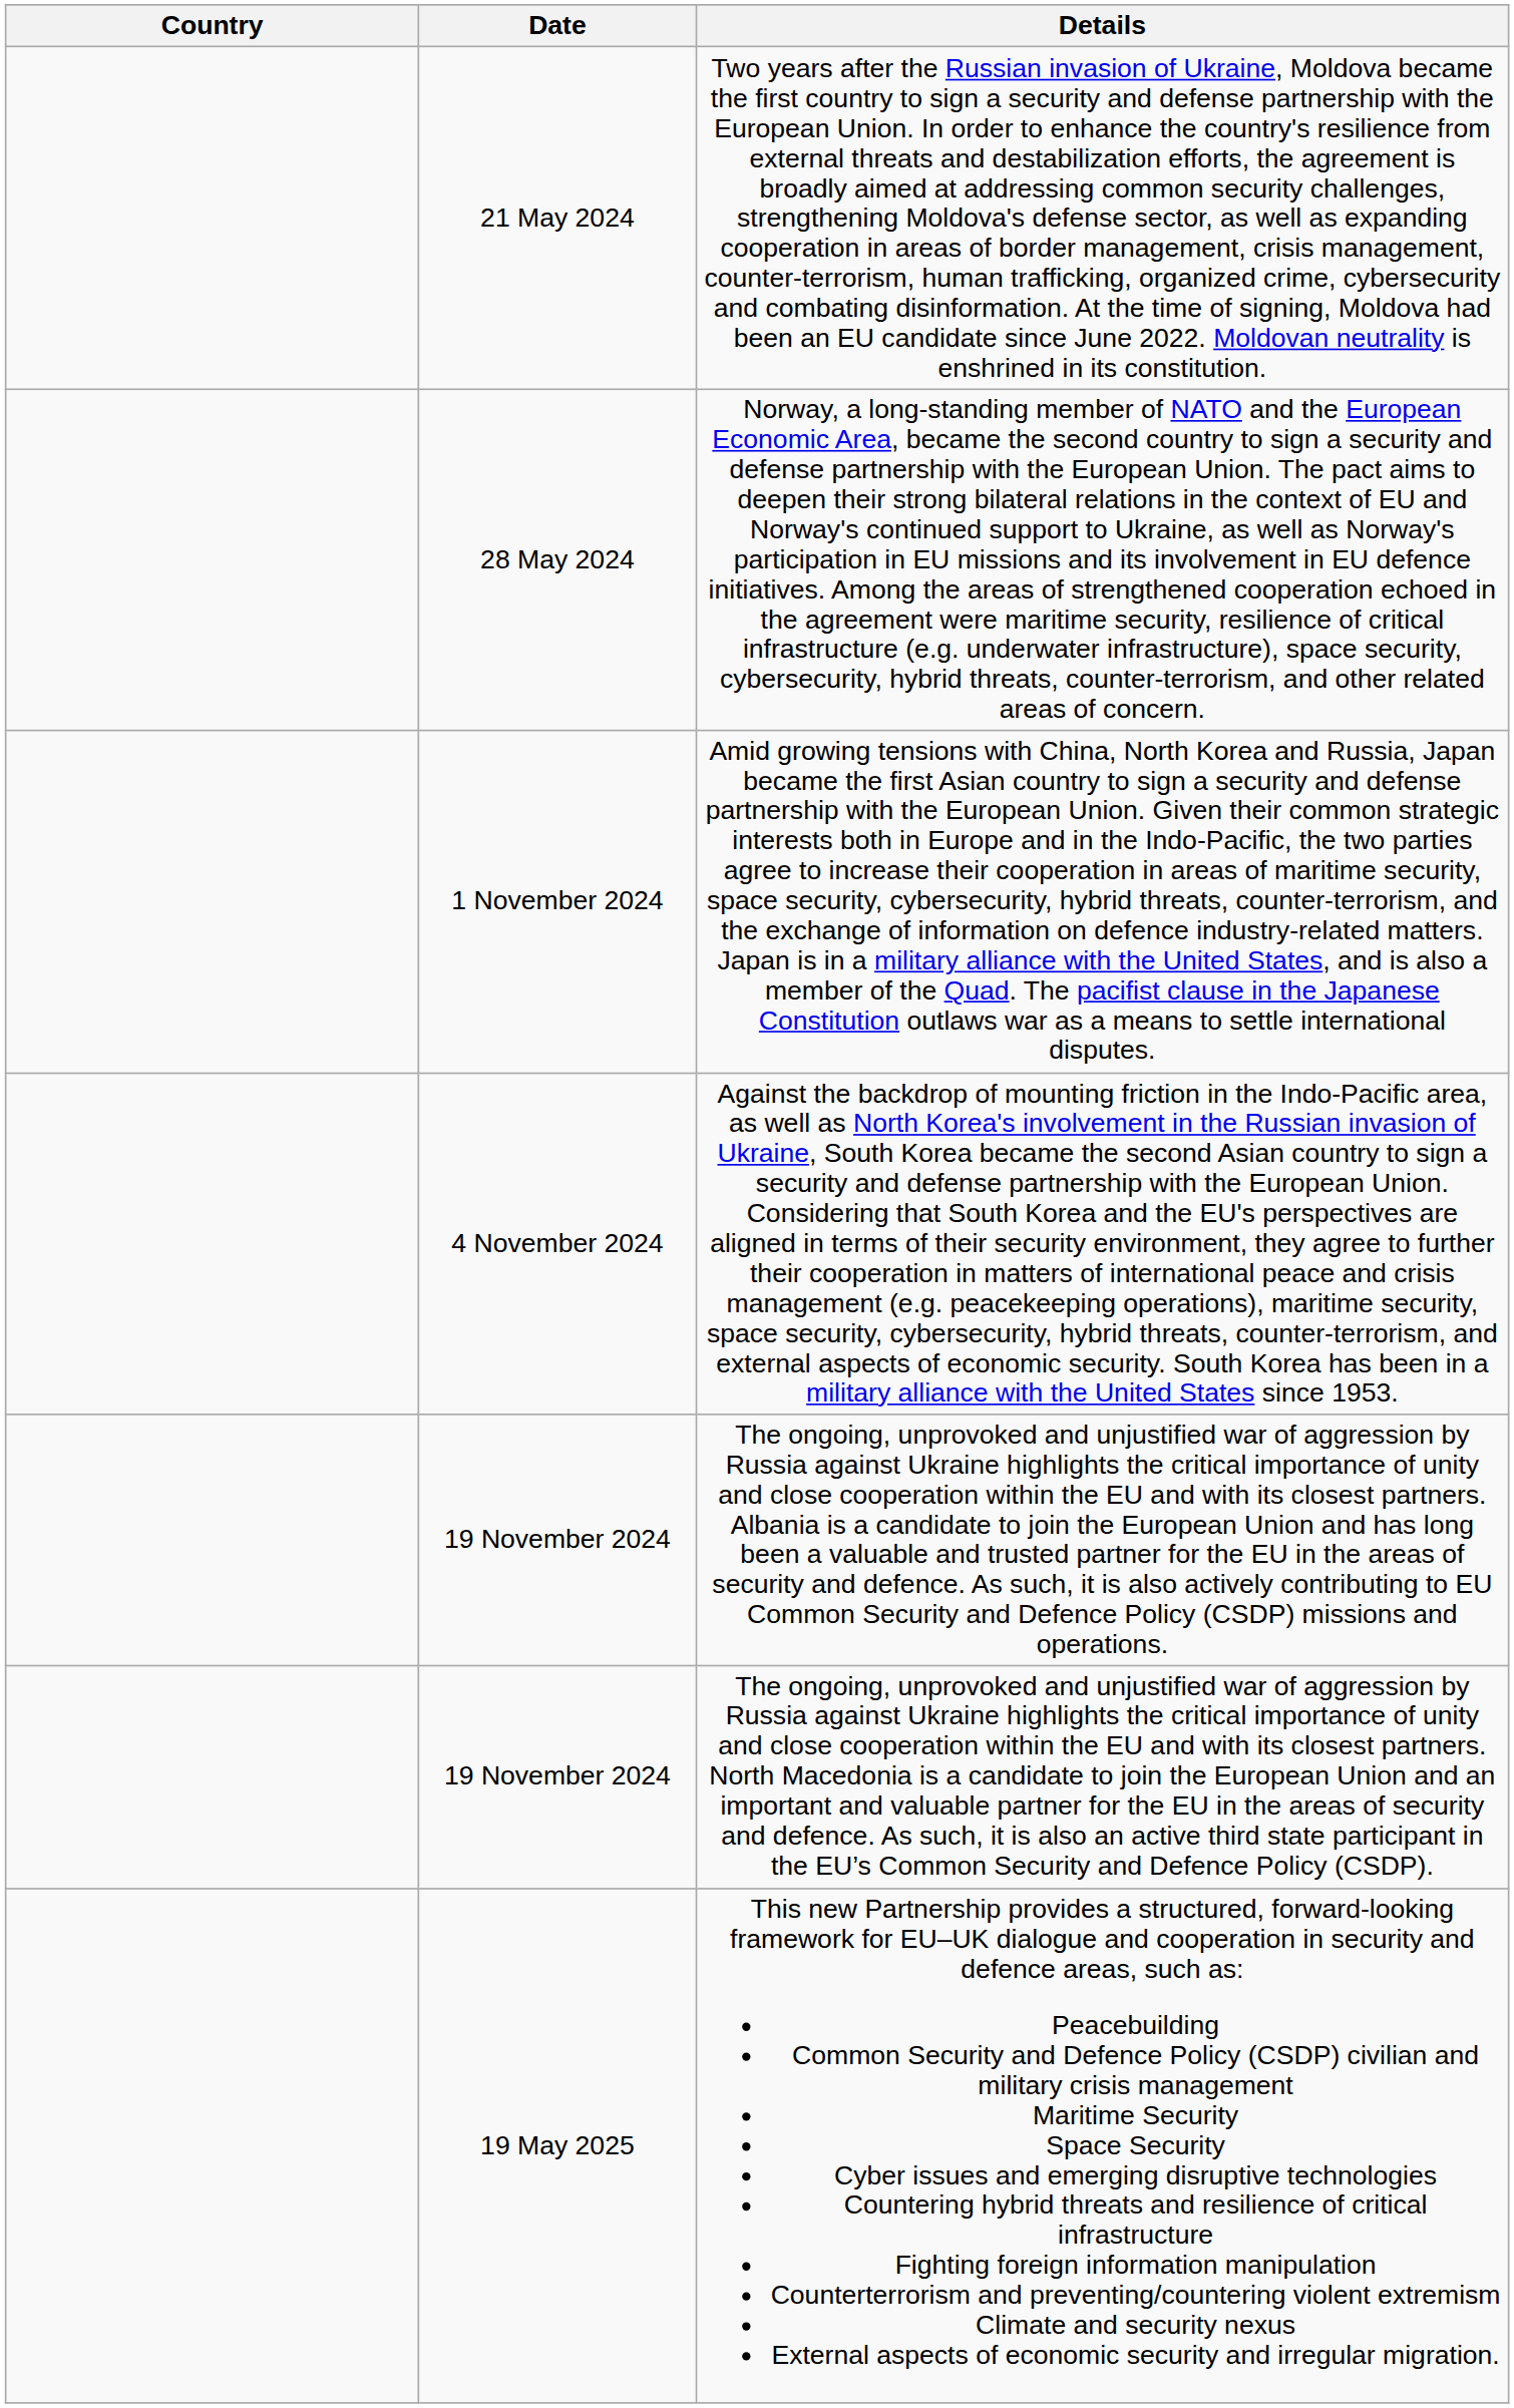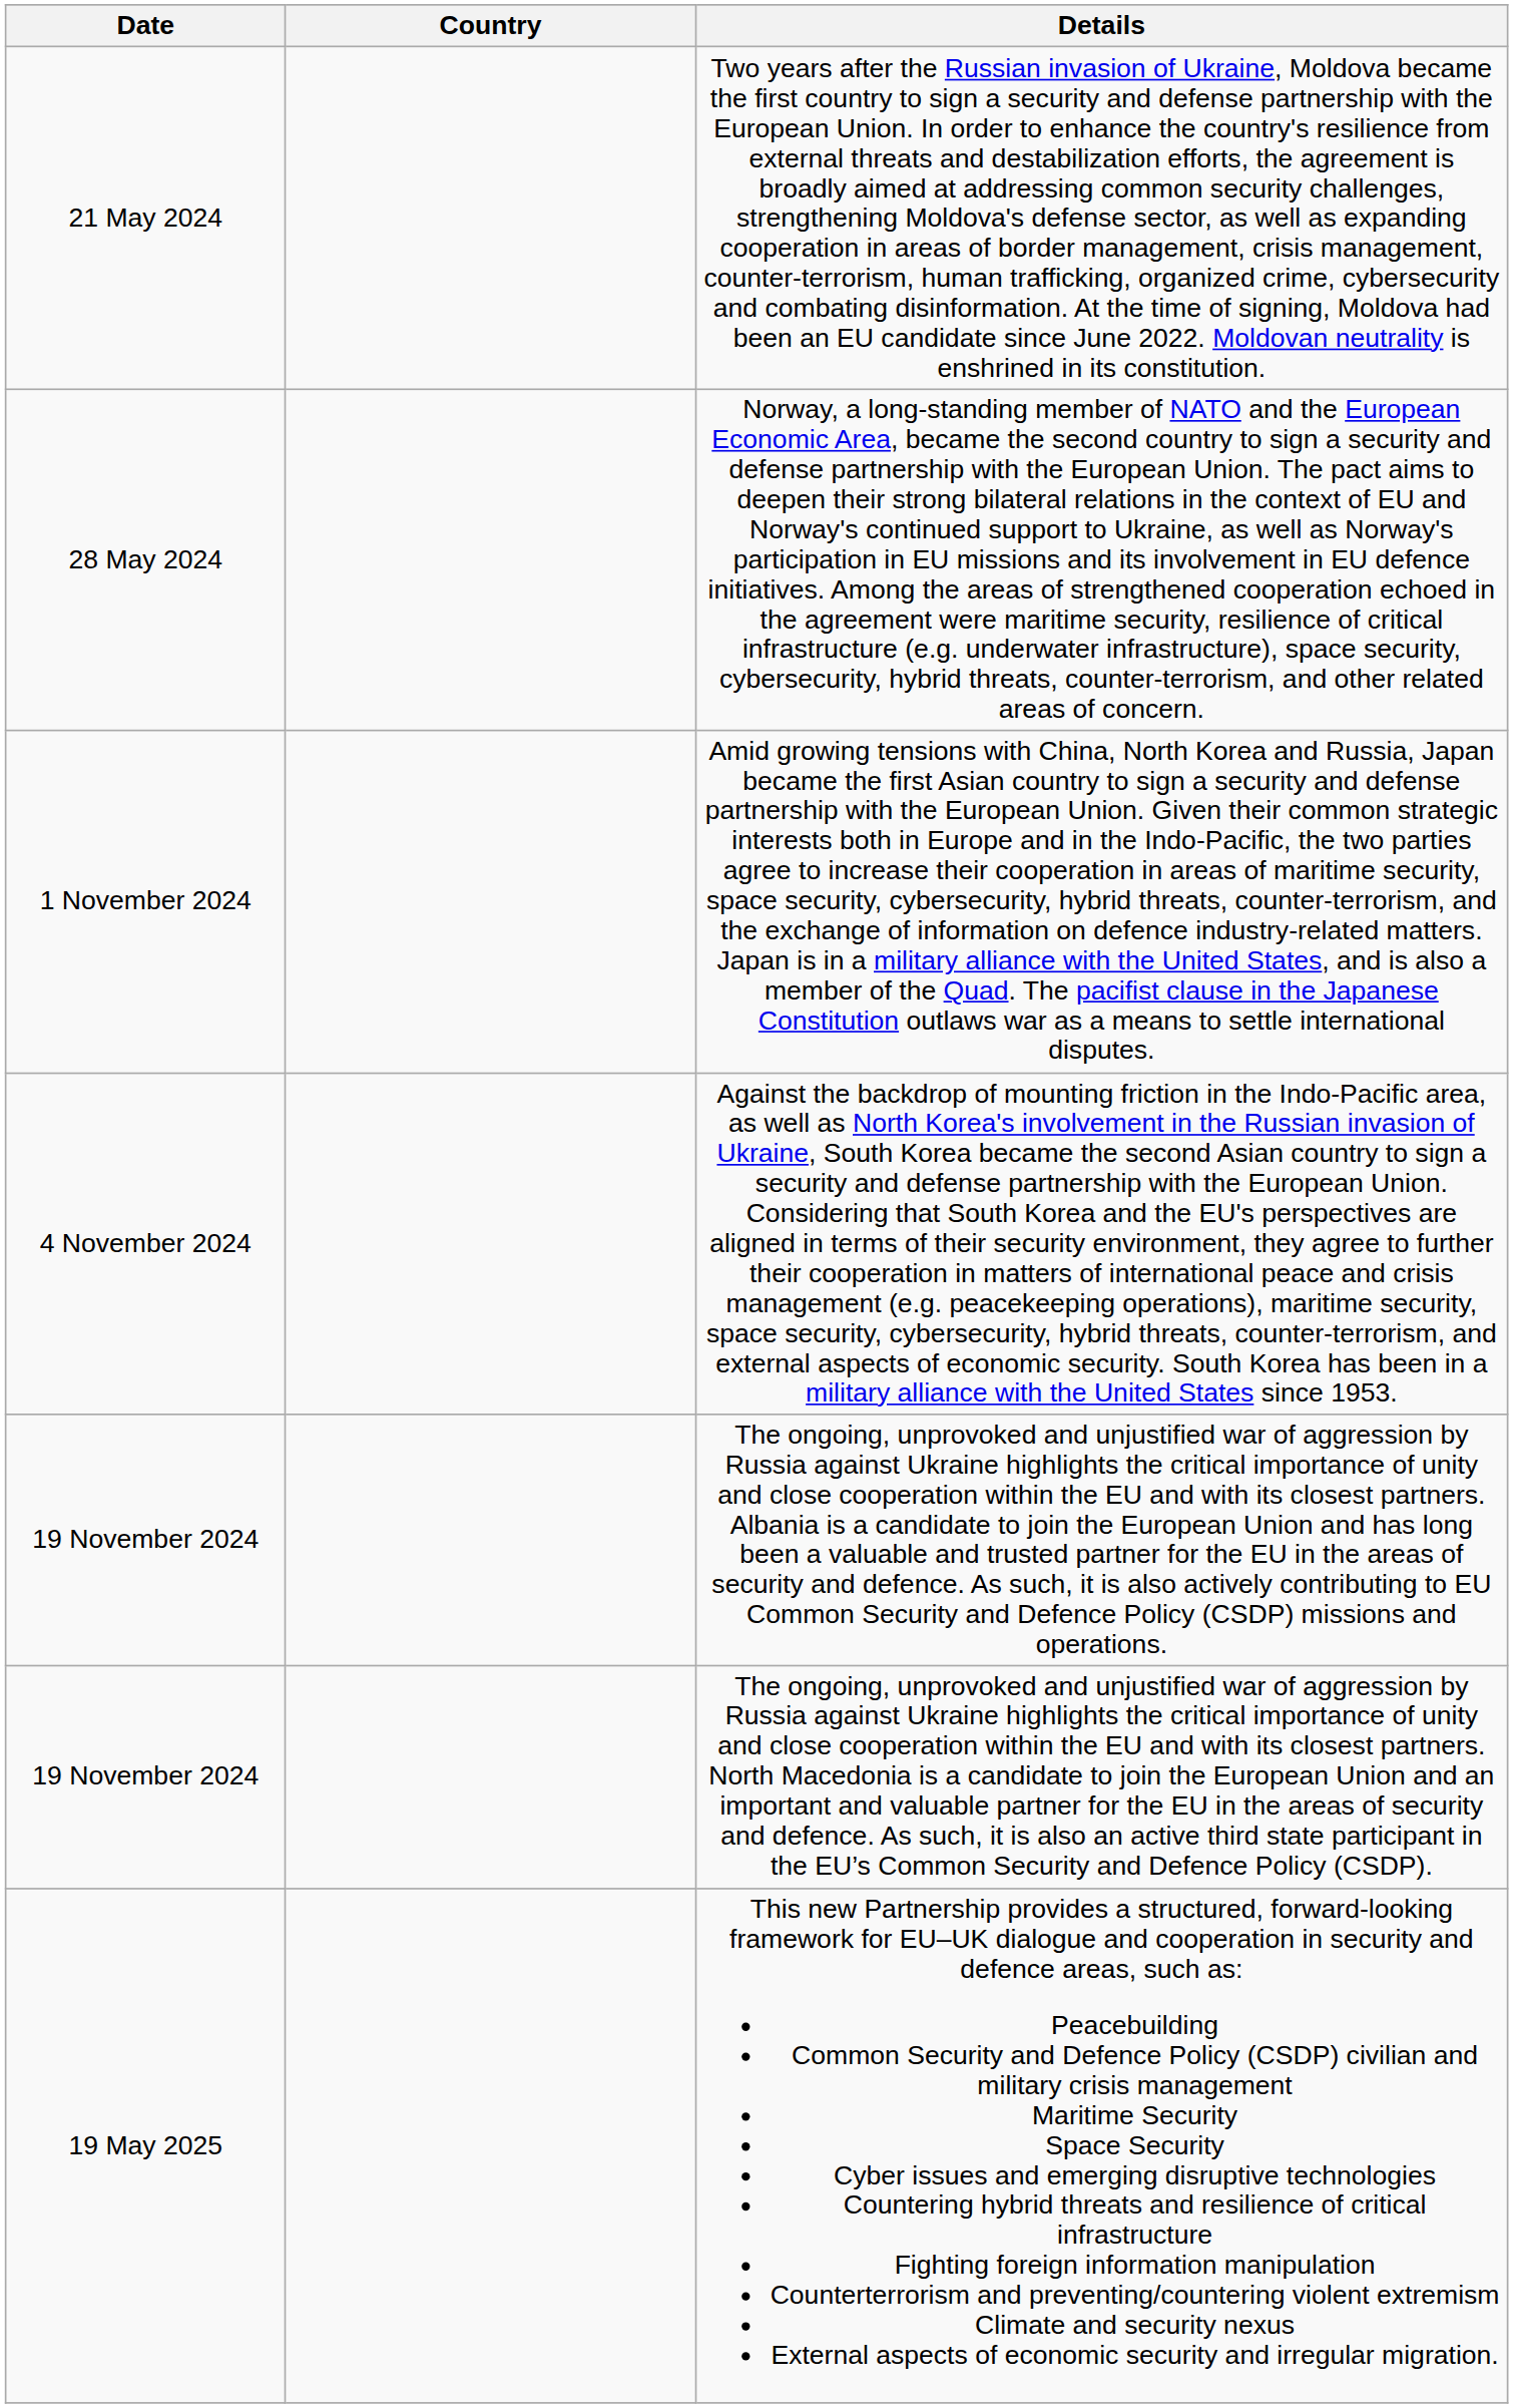 <table class="wikitable" style="text-align: center; margin-left: auto; margin-right: auto; border: none;">
 <tr>
+<th style=width:10em>Date</th>
 <th style=width:15em>Country</th>
-<th style=width:10em>Date</th>
 <th style=width:30em>Details</th>
 </tr>
 <tr>
+<td>21 May 2024</td>
 <td></td>
-<td>21 May 2024</td>
 <td>Two years after the <a href='#'>Russian invasion of Ukraine</a>, Moldova became the first country to sign a security and defense partnership with the European Union. In order to enhance the country's resilience from external threats and destabilization efforts, the agreement is broadly aimed at addressing common security challenges, strengthening Moldova's defense sector, as well as expanding cooperation in areas of border management, crisis management, counter-terrorism, human trafficking, organized crime, cybersecurity and combating disinformation. At the time of signing, Moldova had been an EU candidate since June 2022. <a href='#'>Moldovan neutrality</a> is enshrined in its constitution.</td>
 </tr>
 <tr>
+<td>28 May 2024</td>
 <td></td>
-<td>28 May 2024</td>
 <td>Norway, a long-standing member of <a href='#'>NATO</a> and the <a href='#'>European Economic Area</a>, became the second country to sign a security and defense partnership with the European Union. The pact aims to deepen their strong bilateral relations in the context of EU and Norway's continued support to Ukraine, as well as Norway's participation in EU missions and its involvement in EU defence initiatives. Among the areas of strengthened cooperation echoed in the agreement were maritime security, resilience of critical infrastructure (e.g. underwater infrastructure), space security, cybersecurity, hybrid threats, counter-terrorism, and other related areas of concern.</td>
 </tr>
 <tr>
+<td>1 November 2024</td>
 <td></td>
-<td>1 November 2024</td>
 <td>Amid growing tensions with China, North Korea and Russia, Japan became the first Asian country to sign a security and defense partnership with the European Union. Given their common strategic interests both in Europe and in the Indo-Pacific, the two parties agree to increase their cooperation in areas of maritime security, space security, cybersecurity, hybrid threats, counter-terrorism, and the exchange of information on defence industry-related matters. Japan is in a <a href='#'>military alliance with the United States</a>, and is also a member of the <a href='#'>Quad</a>. The <a href='#'>pacifist clause in the Japanese Constitution</a> outlaws war as a means to settle international disputes.</td>
 </tr>
 <tr>
+<td>4 November 2024</td>
 <td></td>
-<td>4 November 2024</td>
 <td>Against the backdrop of mounting friction in the Indo-Pacific area, as well as <a href='#'>North Korea's involvement in the Russian invasion of Ukraine</a>, South Korea became the second Asian country to sign a security and defense partnership with the European Union. Considering that South Korea and the EU's perspectives are aligned in terms of their security environment, they agree to further their cooperation in matters of international peace and crisis management (e.g. peacekeeping operations), maritime security, space security, cybersecurity, hybrid threats, counter-terrorism, and external aspects of economic security. South Korea has been in a <a href='#'>military alliance with the United States</a> since 1953.</td>
 </tr>
 <tr>
+<td>19 November 2024</td>
 <td></td>
-<td>19 November 2024</td>
 <td>The ongoing, unprovoked and unjustified war of aggression by Russia against Ukraine highlights the critical importance of unity and close cooperation within the EU and with its closest partners. Albania is a candidate to join the European Union and has long been a valuable and trusted partner for the EU in the areas of security and defence. As such, it is also actively contributing to EU Common Security and Defence Policy (CSDP) missions and operations.</td>
 </tr>
 <tr>
+<td>19 November 2024</td>
 <td></td>
-<td>19 November 2024</td>
 <td>The ongoing, unprovoked and unjustified war of aggression by Russia against Ukraine highlights the critical importance of unity and close cooperation within the EU and with its closest partners. North Macedonia is a candidate to join the European Union and an important and valuable partner for the EU in the areas of security and defence. As such, it is also an active third state participant in the EU’s Common Security and Defence Policy (CSDP).</td>
 </tr>
 <tr>
+<td>19 May 2025</td>
 <td></td>
-<td>19 May 2025</td>
 <td>This new Partnership provides a structured, forward-looking framework for EU–UK dialogue and cooperation in security and defence areas, such as:<br><ul><li>Peacebuilding</li><li>Common Security and Defence Policy (CSDP) civilian and military crisis management</li><li>Maritime Security</li><li>Space Security</li><li>Cyber issues and emerging disruptive technologies</li><li>Countering hybrid threats and resilience of critical infrastructure</li><li>Fighting foreign information manipulation</li><li>Counterterrorism and preventing/countering violent extremism</li><li>Climate and security nexus</li><li>External aspects of economic security and irregular migration.</li></ul></td>
 </tr>
 </table>
